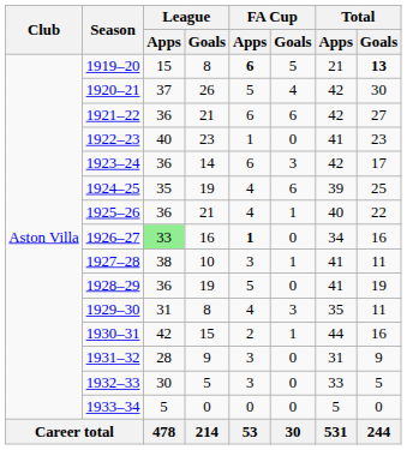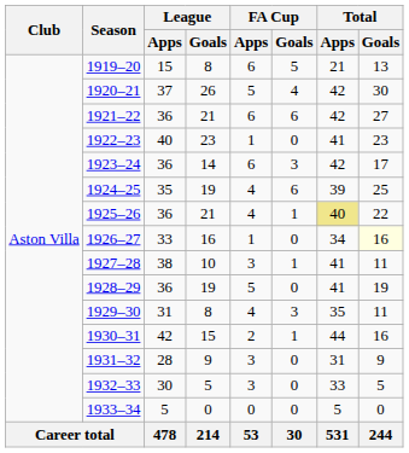 <table class="wikitable" style="text-align:center">
 <tr>
 <th rowspan="2">Club</th>
 <th rowspan="2">Season</th>
 <th colspan="2">League</th>
 <th colspan="2">FA Cup</th>
 <th colspan="2">Total</th>
 </tr>
 <tr>
 <th>Apps</th>
 <th>Goals</th>
 <th>Apps</th>
 <th>Goals</th>
 <th>Apps</th>
 <th>Goals</th>
 </tr>
 <tr>
 <td rowspan="15"><a href='#'>Aston Villa</a></td>
 <td><a href='#'>1919–20</a></td>
 <td>15</td>
 <td>8</td>
-<td><strong>6</strong></td>
+<td>6</td>
 <td>5</td>
 <td>21</td>
-<td><strong>13</strong></td>
+<td>13</td>
 </tr>
 <tr>
 <td><a href='#'>1920–21</a></td>
 <td>37</td>
 <td>26</td>
 <td>5</td>
 <td>4</td>
 <td>42</td>
 <td>30</td>
 </tr>
 <tr>
 <td><a href='#'>1921–22</a></td>
 <td>36</td>
 <td>21</td>
 <td>6</td>
 <td>6</td>
 <td>42</td>
 <td>27</td>
 </tr>
 <tr>
 <td><a href='#'>1922–23</a></td>
 <td>40</td>
 <td>23</td>
 <td>1</td>
 <td>0</td>
 <td>41</td>
 <td>23</td>
 </tr>
 <tr>
 <td><a href='#'>1923–24</a></td>
 <td>36</td>
 <td>14</td>
 <td>6</td>
 <td>3</td>
 <td>42</td>
 <td>17</td>
 </tr>
 <tr>
 <td><a href='#'>1924–25</a></td>
 <td>35</td>
 <td>19</td>
 <td>4</td>
 <td>6</td>
 <td>39</td>
 <td>25</td>
 </tr>
 <tr>
 <td><a href='#'>1925–26</a></td>
 <td>36</td>
 <td>21</td>
 <td>4</td>
 <td>1</td>
-<td>40</td>
+<td style="background: khaki;">40</td>
 <td>22</td>
 </tr>
 <tr>
 <td><a href='#'>1926–27</a></td>
-<td style="background: lightgreen;">33</td>
+<td>33</td>
 <td>16</td>
-<td><strong>1</strong></td>
+<td>1</td>
 <td>0</td>
 <td>34</td>
-<td>16</td>
+<td style="background: lightyellow;">16</td>
 </tr>
 <tr>
 <td><a href='#'>1927–28</a></td>
 <td>38</td>
 <td>10</td>
 <td>3</td>
 <td>1</td>
 <td>41</td>
 <td>11</td>
 </tr>
 <tr>
 <td><a href='#'>1928–29</a></td>
 <td>36</td>
 <td>19</td>
 <td>5</td>
 <td>0</td>
 <td>41</td>
 <td>19</td>
 </tr>
 <tr>
 <td><a href='#'>1929–30</a></td>
 <td>31</td>
 <td>8</td>
 <td>4</td>
 <td>3</td>
 <td>35</td>
 <td>11</td>
 </tr>
 <tr>
 <td><a href='#'>1930–31</a></td>
 <td>42</td>
 <td>15</td>
 <td>2</td>
 <td>1</td>
 <td>44</td>
 <td>16</td>
 </tr>
 <tr>
 <td><a href='#'>1931–32</a></td>
 <td>28</td>
 <td>9</td>
 <td>3</td>
 <td>0</td>
 <td>31</td>
 <td>9</td>
 </tr>
 <tr>
 <td><a href='#'>1932–33</a></td>
 <td>30</td>
 <td>5</td>
 <td>3</td>
 <td>0</td>
 <td>33</td>
 <td>5</td>
 </tr>
 <tr>
 <td><a href='#'>1933–34</a></td>
 <td>5</td>
 <td>0</td>
 <td>0</td>
 <td>0</td>
 <td>5</td>
 <td>0</td>
 </tr>
 <tr>
 <th colspan="2">Career total</th>
 <th>478</th>
 <th>214</th>
 <th>53</th>
 <th>30</th>
 <th>531</th>
 <th>244</th>
 </tr>
 </table>
